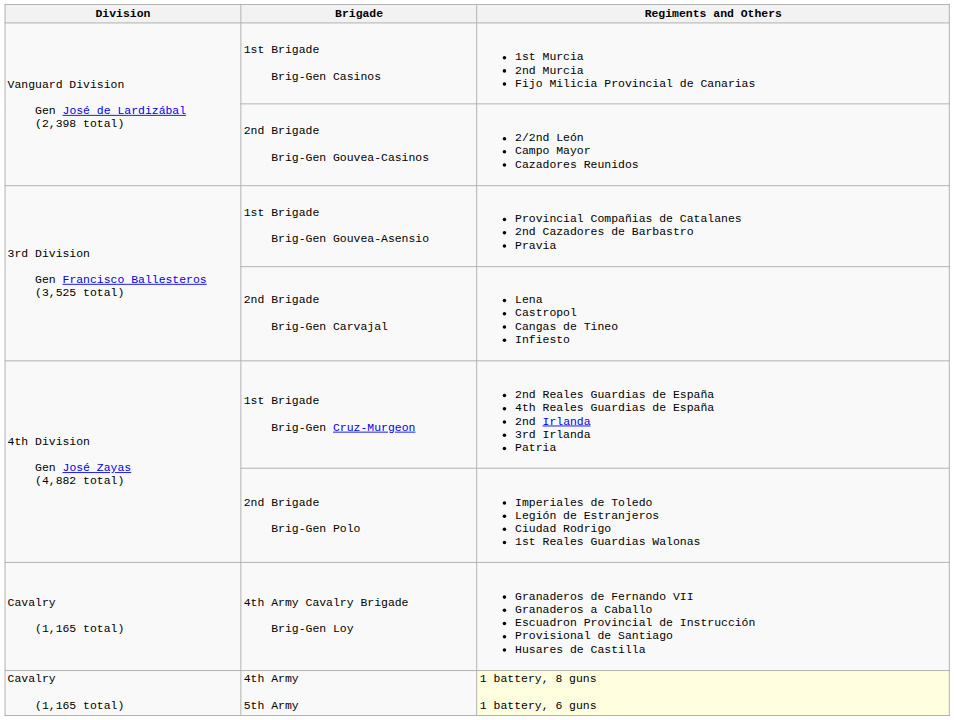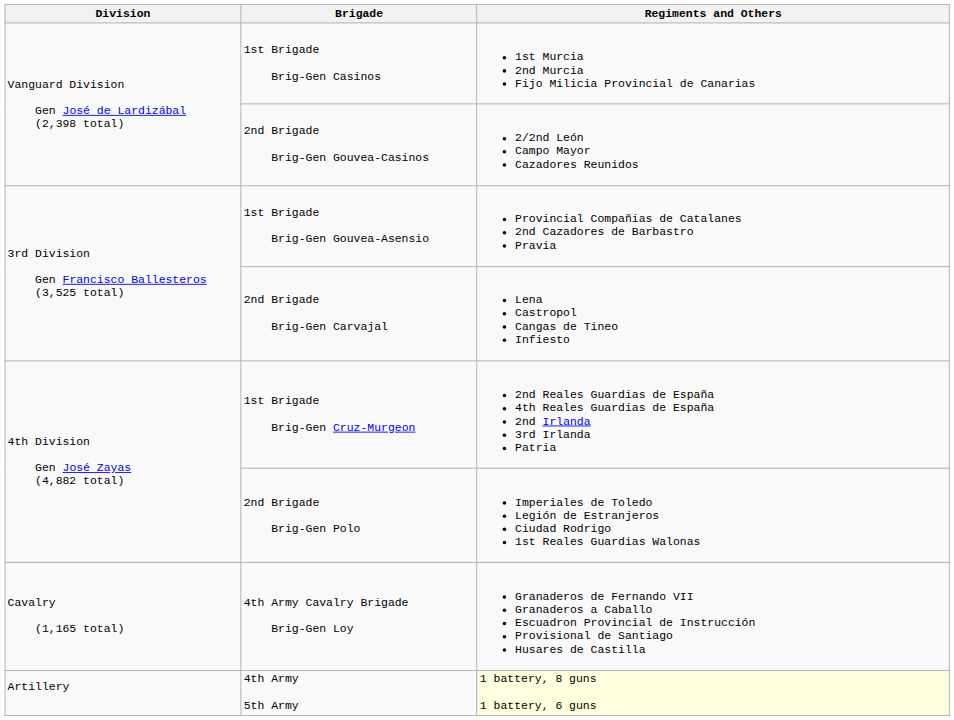 <table class="wikitable" width="85%" style="margin: 1em auto 1em auto">
 <tr>
 <th style="width:25%;">Division</th>
 <th style="width:25%;">Brigade</th>
 <th>Regiments and Others</th>
 </tr>
 <tr>
 <td rowspan=2>Vanguard Division<br><br>    Gen <a href='#'>José de Lardizábal</a> <br>    (2,398 total)</td>
 <td>1st Brigade<br><br>    Brig-Gen Casinos</td>
 <td><br><ul><li>1st Murcia</li><li>2nd Murcia</li><li>Fijo Milicia Provincial de Canarias</li></ul></td>
 </tr>
 <tr>
 <td>2nd Brigade<br><br>    Brig-Gen Gouvea-Casinos</td>
 <td><br><ul><li>2/2nd León</li><li>Campo Mayor</li><li>Cazadores Reunidos</li></ul></td>
 </tr>
 <tr>
 <td rowspan=2>3rd Division<br><br>    Gen <a href='#'>Francisco Ballesteros</a> <br>    (3,525 total)</td>
 <td>1st Brigade<br><br>    Brig-Gen Gouvea-Asensio</td>
 <td><br><ul><li>Provincial Compañias de Catalanes</li><li>2nd Cazadores de Barbastro</li><li>Pravia</li></ul></td>
 </tr>
 <tr>
 <td>2nd Brigade<br><br>    Brig-Gen Carvajal</td>
 <td><br><ul><li>Lena</li><li>Castropol</li><li>Cangas de Tineo</li><li>Infiesto</li></ul></td>
 </tr>
 <tr>
 <td rowspan=2>4th Division<br><br>    Gen <a href='#'>José Zayas</a> <br>    (4,882 total)</td>
 <td>1st Brigade<br><br>    Brig-Gen <a href='#'>Cruz-Murgeon</a></td>
 <td><br><ul><li>2nd Reales Guardias de España</li><li>4th Reales Guardias de España</li><li>2nd <a href='#'>Irlanda</a></li><li>3rd Irlanda</li><li>Patria</li></ul></td>
 </tr>
 <tr>
 <td>2nd Brigade<br><br>    Brig-Gen Polo</td>
 <td><br><ul><li>Imperiales de Toledo</li><li>Legión de Estranjeros</li><li>Ciudad Rodrigo</li><li>1st Reales Guardias Walonas</li></ul></td>
 </tr>
 <tr>
 <td>Cavalry<br><br>    (1,165 total)</td>
 <td>4th Army Cavalry Brigade<br><br>    Brig-Gen Loy</td>
 <td><br><ul><li>Granaderos de Fernando VII</li><li>Granaderos a Caballo</li><li>Escuadron Provincial de Instrucción</li><li>Provisional de Santiago</li><li>Husares de Castilla</li></ul></td>
 </tr>
 <tr>
-<td>Cavalry<br><br>    (1,165 total)</td>
+<td>Artillery<br><br></td>
 <td>4th Army<br><br>5th Army <br></td>
 <td style="background: lightyellow;">1 battery, 8 guns<br><br>1 battery, 6 guns</td>
 </tr>
 </table>
